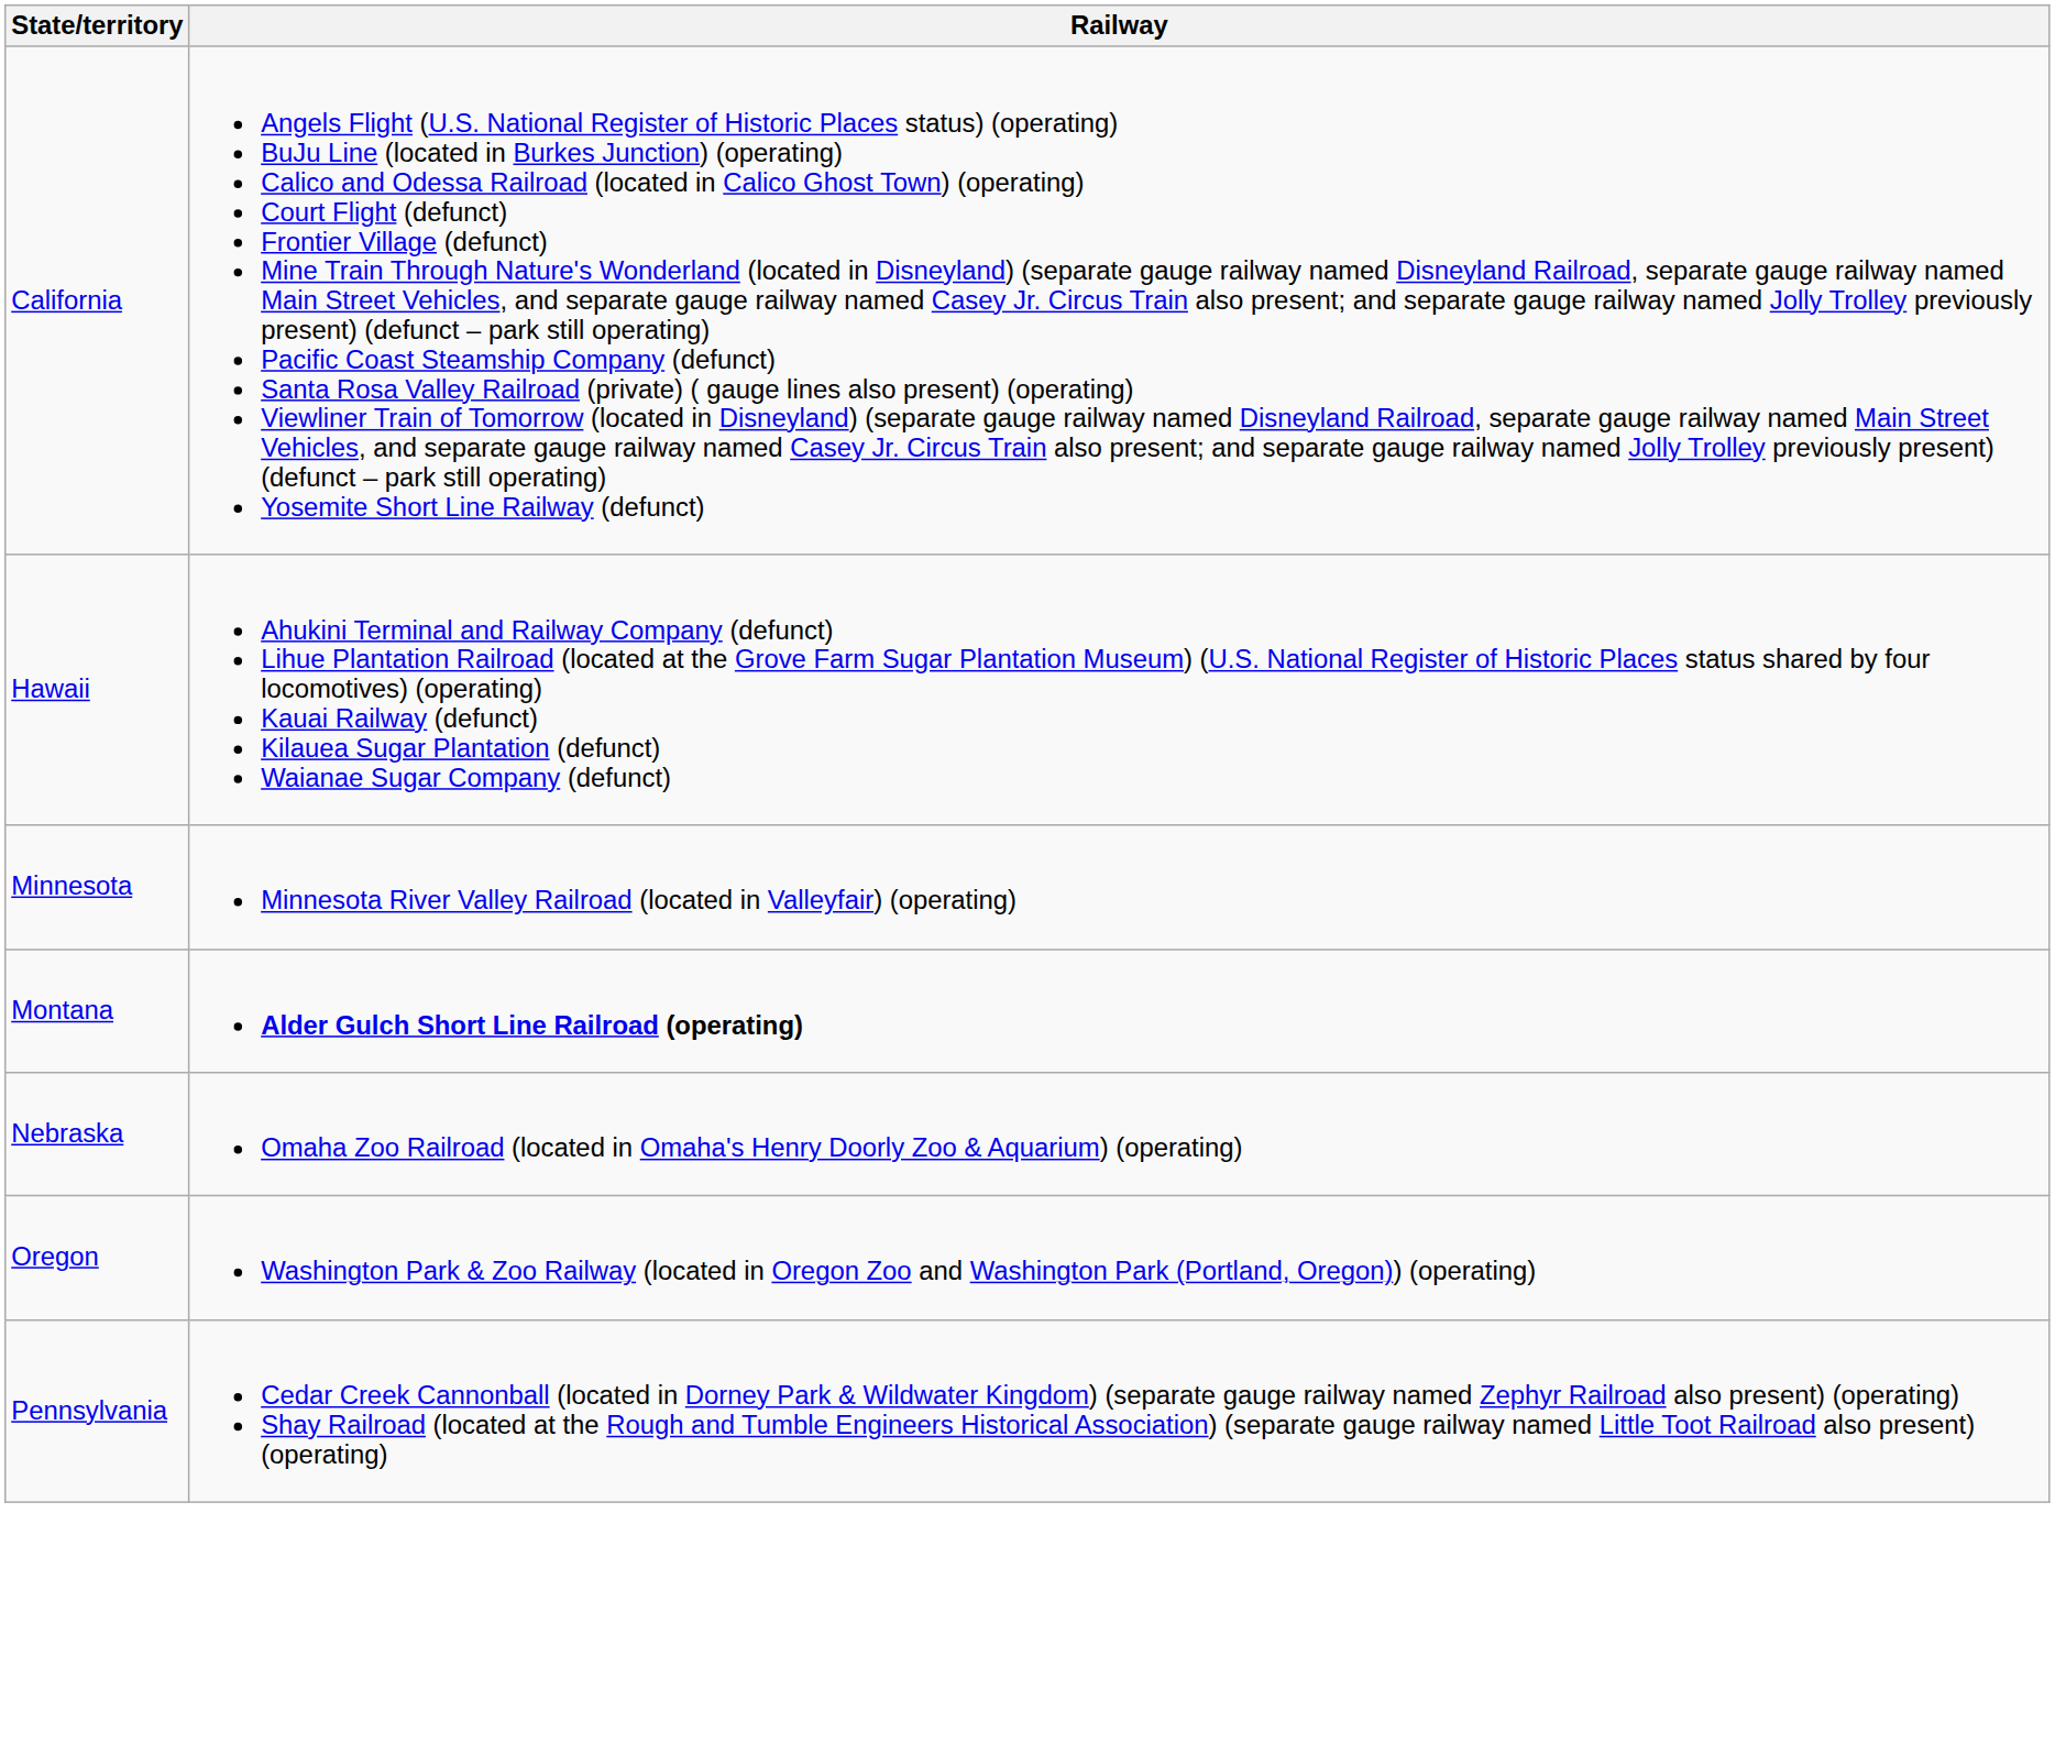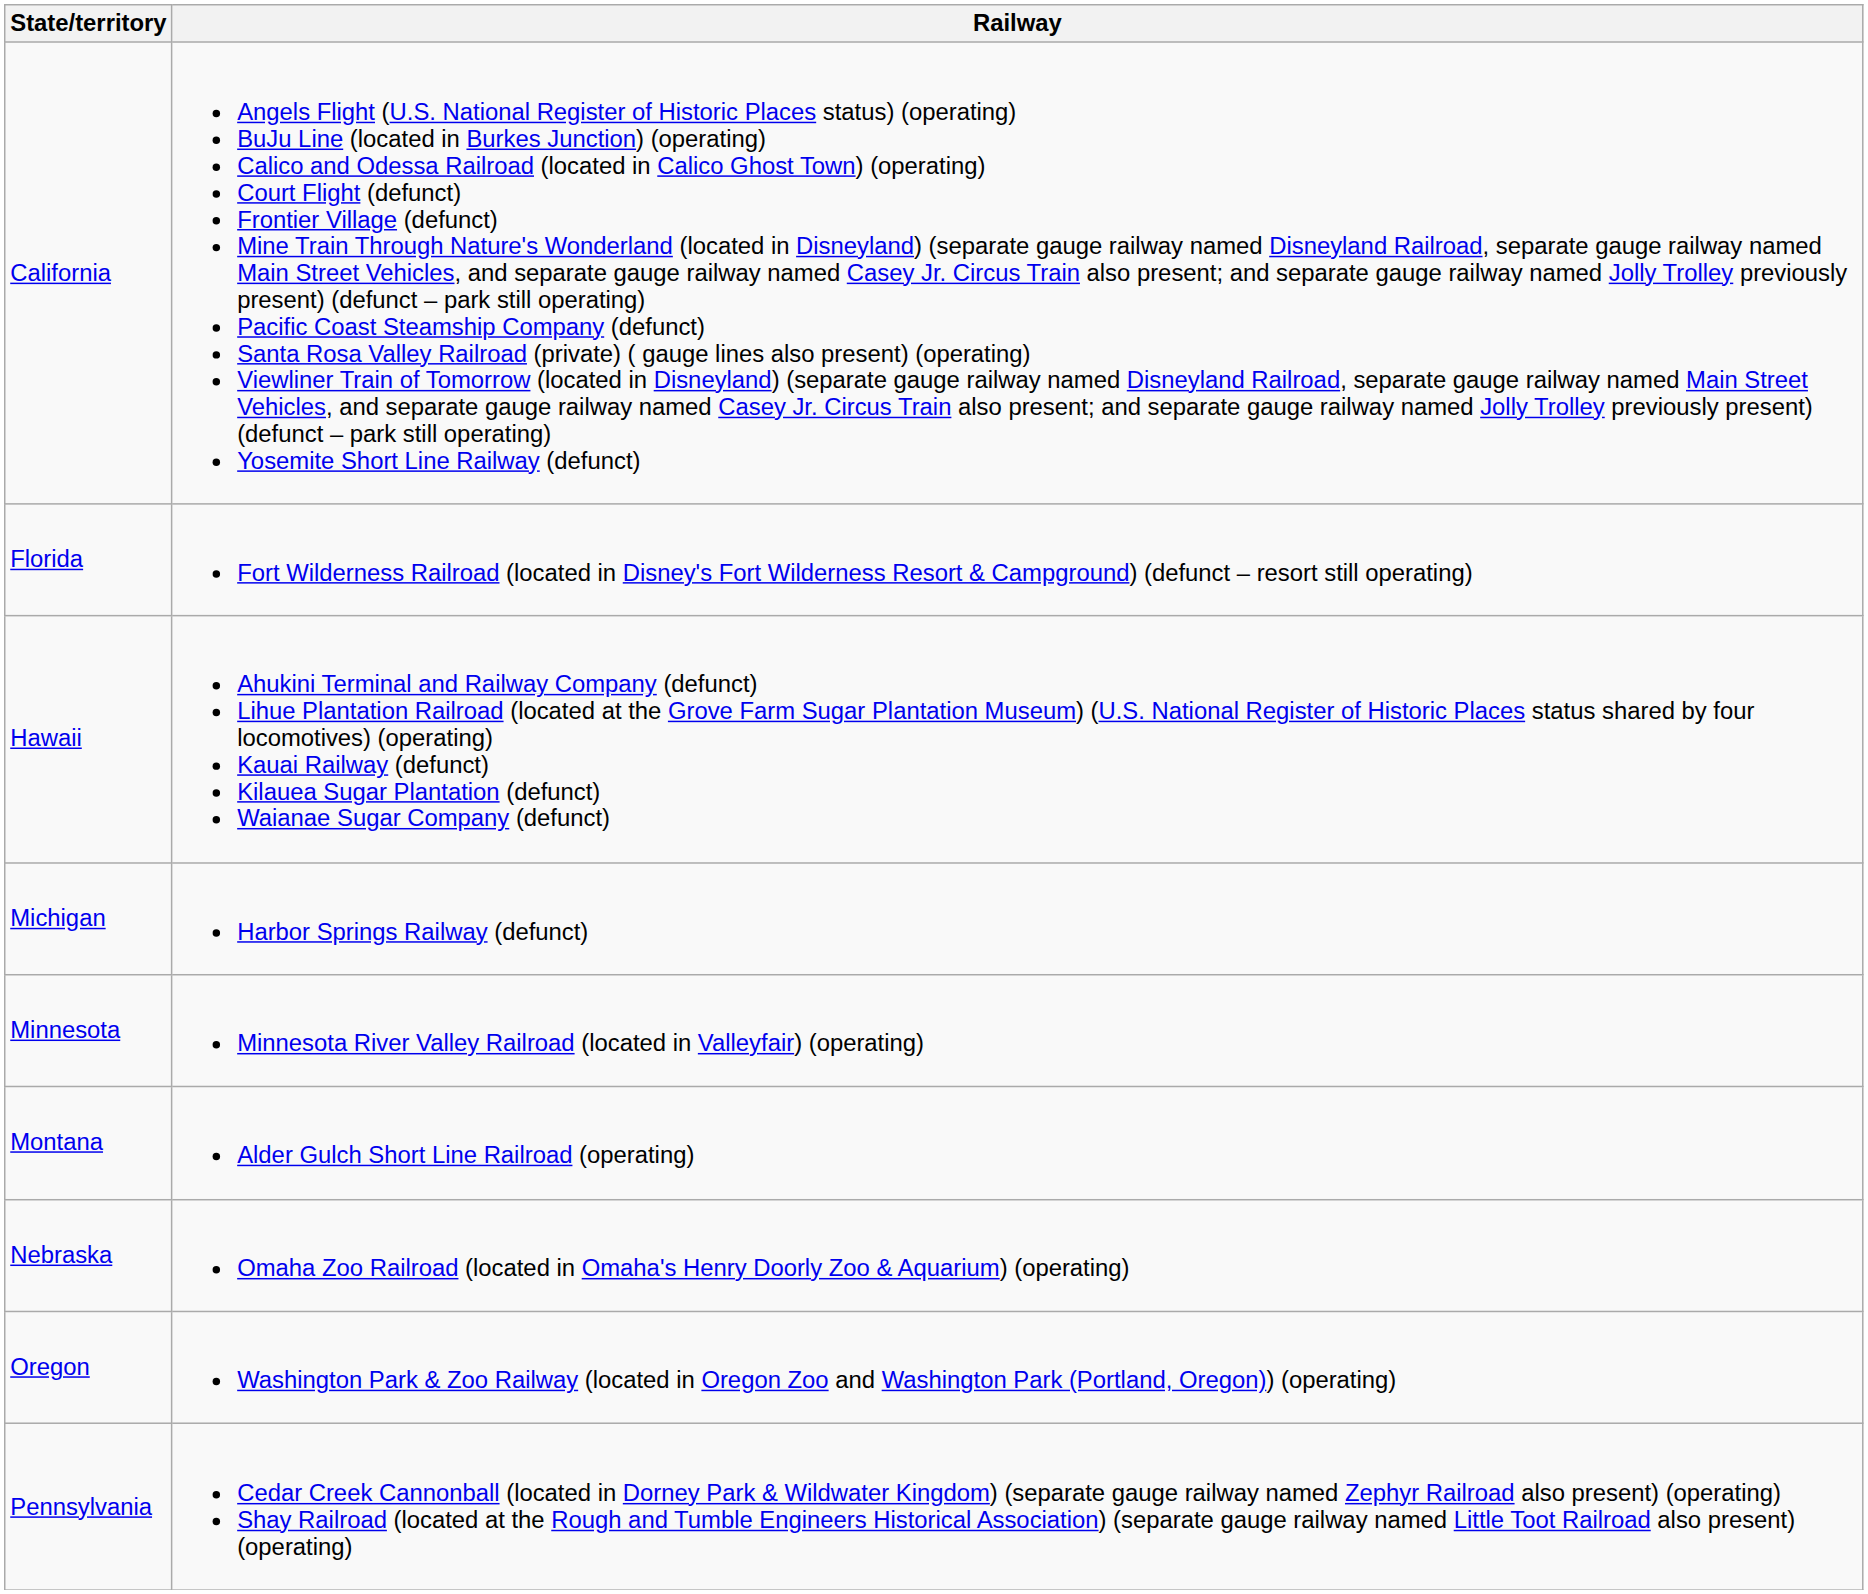 <table class=wikitable>
 <tr>
 <th>State/territory</th>
 <th>Railway</th>
 </tr>
 <tr>
 <td><a href='#'>California</a></td>
 <td><br><ul><li><a href='#'>Angels Flight</a> (<a href='#'>U.S. National Register of Historic Places</a> status) (operating)</li><li><a href='#'>BuJu Line</a> (located in <a href='#'>Burkes Junction</a>) (operating)</li><li><a href='#'>Calico and Odessa Railroad</a> (located in <a href='#'>Calico Ghost Town</a>) (operating)</li><li><a href='#'>Court Flight</a> (defunct)</li><li><a href='#'>Frontier Village</a> (defunct)</li><li><a href='#'>Mine Train Through Nature's Wonderland</a> (located in <a href='#'>Disneyland</a>) (separate  gauge railway named <a href='#'>Disneyland Railroad</a>, separate  gauge railway named <a href='#'>Main Street Vehicles</a>, and separate  gauge railway named <a href='#'>Casey Jr. Circus Train</a> also present; and separate  gauge railway named <a href='#'>Jolly Trolley</a> previously present) (defunct – park still operating)</li><li><a href='#'>Pacific Coast Steamship Company</a> (defunct)</li><li><a href='#'>Santa Rosa Valley Railroad</a> (private) ( gauge lines also present) (operating)</li><li><a href='#'>Viewliner Train of Tomorrow</a> (located in <a href='#'>Disneyland</a>) (separate  gauge railway named <a href='#'>Disneyland Railroad</a>, separate  gauge railway named <a href='#'>Main Street Vehicles</a>, and separate  gauge railway named <a href='#'>Casey Jr. Circus Train</a> also present; and separate  gauge railway named <a href='#'>Jolly Trolley</a> previously present) (defunct – park still operating)</li><li><a href='#'>Yosemite Short Line Railway</a> (defunct)</li></ul></td>
 </tr>
 <tr>
+<td><a href='#'>Florida</a></td>
+<td><br><ul><li><a href='#'>Fort Wilderness Railroad</a> (located in <a href='#'>Disney's Fort Wilderness Resort & Campground</a>) (defunct – resort still operating)</li></ul></td>
+</tr>
+<tr>
 <td><a href='#'>Hawaii</a></td>
 <td><br><ul><li><a href='#'>Ahukini Terminal and Railway Company</a> (defunct)</li><li><a href='#'>Lihue Plantation Railroad</a> (located at the <a href='#'>Grove Farm Sugar Plantation Museum</a>) (<a href='#'>U.S. National Register of Historic Places</a> status shared by four locomotives) (operating)</li><li><a href='#'>Kauai Railway</a> (defunct)</li><li><a href='#'>Kilauea Sugar Plantation</a> (defunct)</li><li><a href='#'>Waianae Sugar Company</a> (defunct)</li></ul></td>
+</tr>
+<tr>
+<td><a href='#'>Michigan</a></td>
+<td><br><ul><li><a href='#'>Harbor Springs Railway</a> (defunct)</li></ul></td>
 </tr>
 <tr>
 <td><a href='#'>Minnesota</a></td>
 <td><br><ul><li><a href='#'>Minnesota River Valley Railroad</a> (located in <a href='#'>Valleyfair</a>) (operating)</li></ul></td>
 </tr>
 <tr>
 <td><a href='#'>Montana</a></td>
-<td><strong><br><ul><li><a href='#'>Alder Gulch Short Line Railroad</a> (operating)</li></ul></strong></td>
+<td><br><ul><li><a href='#'>Alder Gulch Short Line Railroad</a> (operating)</li></ul></td>
 </tr>
 <tr>
 <td><a href='#'>Nebraska</a></td>
 <td><br><ul><li><a href='#'>Omaha Zoo Railroad</a> (located in <a href='#'>Omaha's Henry Doorly Zoo &  Aquarium</a>) (operating)</li></ul></td>
 </tr>
 <tr>
 <td><a href='#'>Oregon</a></td>
 <td><br><ul><li><a href='#'>Washington Park & Zoo Railway</a> (located in <a href='#'>Oregon Zoo</a> and <a href='#'>Washington Park (Portland, Oregon)</a>) (operating)</li></ul></td>
 </tr>
 <tr>
 <td><a href='#'>Pennsylvania</a></td>
 <td><br><ul><li><a href='#'>Cedar Creek Cannonball</a> (located in <a href='#'>Dorney Park & Wildwater Kingdom</a>) (separate  gauge railway named <a href='#'>Zephyr Railroad</a> also present) (operating)</li><li><a href='#'>Shay Railroad</a> (located at the <a href='#'>Rough and Tumble Engineers Historical Association</a>) (separate  gauge railway named <a href='#'>Little Toot Railroad</a> also present) (operating)</li></ul></td>
 </tr>
 </table>
